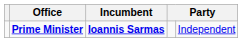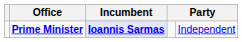 <table class="wikitable" style="font-size: 90%;">
 <tr>
 <th></th>
 <th>Office</th>
 <th>Incumbent</th>
 <th colspan="2">Party</th>
 </tr>
 <tr>
 <td></td>
 <td><strong><a href='#'>Prime Minister</a></strong></td>
-<td><strong><a href='#'>Ioannis Sarmas</a></strong></td>
+<td style="background: lavender;"><strong><a href='#'>Ioannis Sarmas</a></strong></td>
 <td width=5px style="background-color: "></td>
 <td><a href='#'>Independent</a></td>
 </tr>
 </table>
